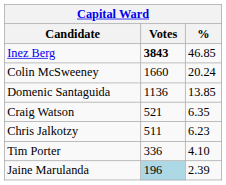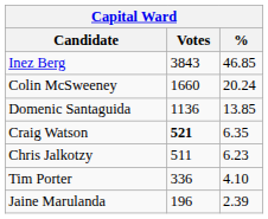 <table class="wikitable">
 <tr>
 <th colspan="3"><a href='#'>Capital Ward</a></th>
 </tr>
 <tr>
 <th style="width: 170px">Candidate</th>
 <th style="width: 50px">Votes</th>
 <th style="width: 40px">%</th>
 </tr>
 <tr>
 <td><a href='#'>Inez Berg</a></td>
-<td><strong>3843</strong></td>
+<td>3843</td>
 <td>46.85</td>
 </tr>
 <tr>
 <td>Colin McSweeney</td>
 <td>1660</td>
 <td>20.24</td>
 </tr>
 <tr>
 <td>Domenic Santaguida</td>
 <td>1136</td>
 <td>13.85</td>
 </tr>
 <tr>
 <td>Craig Watson</td>
-<td>521</td>
+<td><strong>521</strong></td>
 <td>6.35</td>
 </tr>
 <tr>
 <td>Chris Jalkotzy</td>
 <td>511</td>
 <td>6.23</td>
 </tr>
 <tr>
 <td>Tim Porter</td>
 <td>336</td>
 <td>4.10</td>
 </tr>
 <tr>
 <td>Jaine Marulanda</td>
-<td style="background: lightblue;">196</td>
+<td>196</td>
 <td>2.39</td>
 </tr>
 </table>
